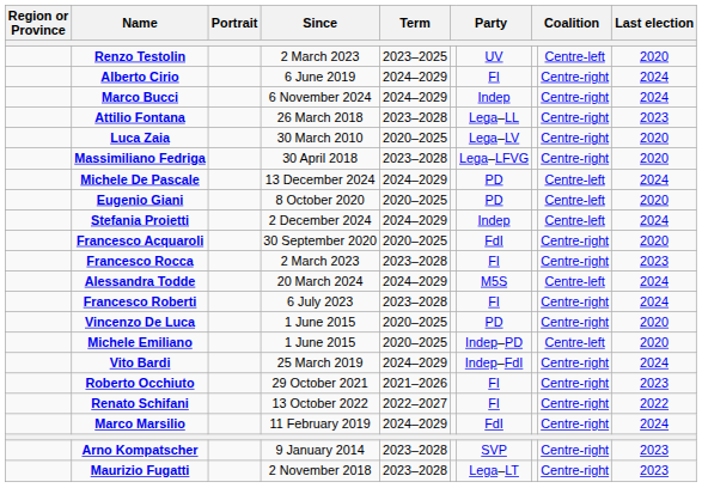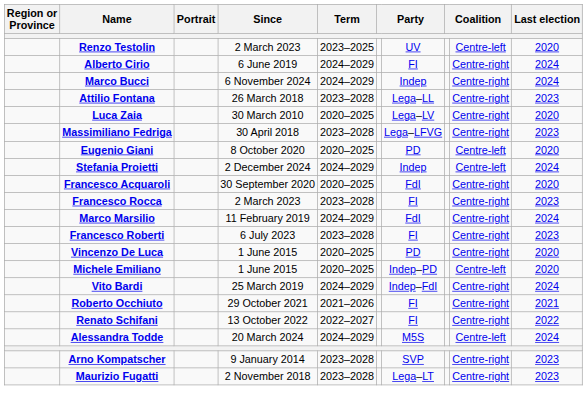 <table class="wikitable sortable" style="text-align: center; font-size:95%">
 <tr>
 <th>Region or<br>Province</th>
 <th>Name</th>
 <th class=unsortable>Portrait</th>
 <th>Since</th>
 <th>Term</th>
 <th colspan="2">Party</th>
 <th colspan="2">Coalition</th>
 <th>Last election</th>
 </tr>
 <tr>
 <th colspan=10></th>
 </tr>
 <tr>
 <td></td>
 <td style="text-align: center;"><strong><a href='#'>Renzo Testolin</a></strong><br></td>
 <td style="text-align: center;"></td>
 <td>2 March 2023</td>
 <td>2023–2025</td>
 <td style="color:inherit;background-color: "></td>
 <td><a href='#'>UV</a></td>
 <td style="color:inherit;background-color: "></td>
 <td><a href='#'>Centre-left</a></td>
 <td><a href='#'>2020</a></td>
 </tr>
 <tr>
 <td></td>
 <td style="text-align: center;"><strong><a href='#'>Alberto Cirio</a></strong><br></td>
 <td style="text-align: center;"></td>
 <td>6 June 2019</td>
 <td>2024–2029</td>
 <td style="color:inherit;background-color: "></td>
 <td><a href='#'>FI</a></td>
 <td style="color:inherit;background-color: "></td>
 <td><a href='#'>Centre-right</a></td>
 <td><a href='#'>2024</a></td>
 </tr>
 <tr>
 <td></td>
 <td style="text-align: center;"><strong><a href='#'>Marco Bucci</a></strong><br></td>
 <td style="text-align: center;"></td>
 <td>6 November 2024</td>
 <td>2024–2029</td>
 <td style="color:inherit;background-color: "></td>
 <td><a href='#'>Indep</a></td>
 <td style="color:inherit;background-color: "></td>
 <td><a href='#'>Centre-right</a></td>
 <td><a href='#'>2024</a></td>
 </tr>
 <tr>
 <td></td>
 <td style="text-align: center;"><strong><a href='#'>Attilio Fontana</a></strong><br></td>
 <td style="text-align: center;"></td>
 <td>26 March 2018</td>
 <td>2023–2028</td>
 <td style="color:inherit;background-color: "></td>
 <td><a href='#'>Lega</a>–<a href='#'>LL</a></td>
 <td style="color:inherit;background-color: "></td>
 <td><a href='#'>Centre-right</a></td>
 <td><a href='#'>2023</a></td>
 </tr>
 <tr>
 <td></td>
 <td style="text-align: center;"><strong><a href='#'>Luca Zaia</a></strong><br></td>
 <td style="text-align: center;"></td>
 <td>30 March 2010</td>
 <td>2020–2025</td>
 <td style="color:inherit;background-color: "></td>
 <td><a href='#'>Lega</a>–<a href='#'>LV</a></td>
 <td style="color:inherit;background-color: "></td>
 <td><a href='#'>Centre-right</a></td>
 <td><a href='#'>2020</a></td>
 </tr>
 <tr>
 <td></td>
 <td style="text-align: center;"><strong><a href='#'>Massimiliano Fedriga</a></strong><br></td>
 <td style="text-align: center;"></td>
 <td>30 April 2018</td>
 <td>2023–2028</td>
 <td style="color:inherit;background-color: "></td>
 <td><a href='#'>Lega</a>–<a href='#'>LFVG</a></td>
 <td style="color:inherit;background-color: "></td>
 <td><a href='#'>Centre-right</a></td>
-<td><a href='#'>2020</a></td>
-</tr>
-<tr>
-<td></td>
-<td style="text-align: center;"><strong><a href='#'>Michele De Pascale</a></strong><br></td>
-<td style="text-align: center;"></td>
-<td>13 December 2024</td>
-<td>2024–2029</td>
-<td style="color:inherit;background-color: "></td>
-<td><a href='#'>PD</a></td>
-<td style="color:inherit;background-color: "></td>
-<td><a href='#'>Centre-left</a></td>
-<td><a href='#'>2024</a></td>
+<td><a href='#'>2023</a></td>
 </tr>
 <tr>
 <td></td>
 <td style="text-align: center;"><strong><a href='#'>Eugenio Giani</a></strong><br></td>
 <td style="text-align: center;"></td>
 <td>8 October 2020</td>
 <td>2020–2025</td>
 <td style="color:inherit;background-color: "></td>
 <td><a href='#'>PD</a></td>
 <td style="color:inherit;background-color: "></td>
 <td><a href='#'>Centre-left</a></td>
 <td><a href='#'>2020</a></td>
 </tr>
 <tr>
 <td></td>
 <td style="text-align: center;"><strong><a href='#'>Stefania Proietti</a></strong><br></td>
 <td style="text-align: center;"></td>
 <td>2 December 2024</td>
 <td>2024–2029</td>
 <td style="color:inherit;background-color: "></td>
 <td><a href='#'>Indep</a></td>
 <td style="color:inherit;background-color: "></td>
 <td><a href='#'>Centre-left</a></td>
 <td><a href='#'>2024</a></td>
 </tr>
 <tr>
 <td></td>
 <td style="text-align: center;"><strong><a href='#'>Francesco Acquaroli</a></strong><br></td>
 <td style="text-align: center;"></td>
 <td>30 September 2020</td>
 <td>2020–2025</td>
 <td style="color:inherit;background-color: "></td>
 <td><a href='#'>FdI</a></td>
 <td style="color:inherit;background-color: "></td>
 <td><a href='#'>Centre-right</a></td>
 <td><a href='#'>2020</a></td>
 </tr>
 <tr>
 <td></td>
 <td style="text-align: center;"><strong><a href='#'>Francesco Rocca</a></strong><br></td>
 <td style="text-align: center;"></td>
 <td>2 March 2023</td>
 <td>2023–2028</td>
 <td style="color:inherit;background-color: "></td>
 <td><a href='#'>FI</a></td>
 <td style="color:inherit;background-color: "></td>
 <td><a href='#'>Centre-right</a></td>
 <td><a href='#'>2023</a></td>
 </tr>
 <tr>
 <td></td>
-<td style="text-align: center;"><strong><a href='#'>Alessandra Todde</a></strong><br></td>
+<td style="text-align: center;"><strong><a href='#'>Marco Marsilio</a></strong><br></td>
 <td style="text-align: center;"></td>
-<td>20 March 2024</td>
+<td>11 February 2019</td>
 <td>2024–2029</td>
 <td style="color:inherit;background-color: "></td>
-<td><a href='#'>M5S</a></td>
+<td><a href='#'>FdI</a></td>
 <td style="color:inherit;background-color: "></td>
-<td><a href='#'>Centre-left</a></td>
+<td><a href='#'>Centre-right</a></td>
 <td><a href='#'>2024</a></td>
 </tr>
 <tr>
 <td></td>
 <td style="text-align: center;"><strong><a href='#'>Francesco Roberti</a></strong><br></td>
 <td style="text-align: center;"></td>
 <td>6 July 2023</td>
 <td>2023–2028</td>
 <td style="color:inherit;background-color: "></td>
 <td><a href='#'>FI</a></td>
 <td style="color:inherit;background-color: "></td>
 <td><a href='#'>Centre-right</a></td>
-<td><a href='#'>2024</a></td>
+<td><a href='#'>2023</a></td>
 </tr>
 <tr>
 <td></td>
 <td style="text-align: center;"><strong><a href='#'>Vincenzo De Luca</a></strong><br></td>
 <td style="text-align: center;"></td>
 <td>1 June 2015</td>
 <td>2020–2025</td>
 <td style="color:inherit;background-color: "></td>
 <td><a href='#'>PD</a></td>
 <td style="color:inherit;background-color: "></td>
 <td><a href='#'>Centre-right</a></td>
 <td><a href='#'>2020</a></td>
 </tr>
 <tr>
 <td></td>
 <td style="text-align: center;"><strong><a href='#'>Michele Emiliano</a></strong><br></td>
 <td style="text-align: center;"></td>
 <td>1 June 2015</td>
 <td>2020–2025</td>
 <td style="color:inherit;background-color: "></td>
 <td><a href='#'>Indep</a>–<a href='#'>PD</a></td>
 <td style="color:inherit;background-color: "></td>
 <td><a href='#'>Centre-left</a></td>
 <td><a href='#'>2020</a></td>
 </tr>
 <tr>
 <td></td>
 <td style="text-align: center;"><strong><a href='#'>Vito Bardi</a></strong><br></td>
 <td style="text-align: center;"></td>
 <td>25 March 2019</td>
 <td>2024–2029</td>
 <td style="color:inherit;background-color: "></td>
 <td><a href='#'>Indep</a>–<a href='#'>FdI</a></td>
 <td style="color:inherit;background-color: "></td>
 <td><a href='#'>Centre-right</a></td>
 <td><a href='#'>2024</a></td>
 </tr>
 <tr>
 <td></td>
 <td style="text-align: center;"><strong><a href='#'>Roberto Occhiuto</a></strong><br></td>
 <td style="text-align: center;"></td>
 <td>29 October 2021</td>
 <td>2021–2026</td>
 <td style="color:inherit;background-color: "></td>
 <td><a href='#'>FI</a></td>
 <td style="color:inherit;background-color: "></td>
 <td><a href='#'>Centre-right</a></td>
-<td><a href='#'>2023</a></td>
+<td><a href='#'>2021</a></td>
 </tr>
 <tr>
 <td></td>
 <td style="text-align: center;"><strong><a href='#'>Renato Schifani</a></strong><br></td>
 <td style="text-align: center;"></td>
 <td>13 October 2022</td>
 <td>2022–2027</td>
 <td style="color:inherit;background-color: "></td>
 <td><a href='#'>FI</a></td>
 <td style="color:inherit;background-color: "></td>
 <td><a href='#'>Centre-right</a></td>
 <td><a href='#'>2022</a></td>
 </tr>
 <tr>
 <td></td>
-<td style="text-align: center;"><strong><a href='#'>Marco Marsilio</a></strong><br></td>
+<td style="text-align: center;"><strong><a href='#'>Alessandra Todde</a></strong><br></td>
 <td style="text-align: center;"></td>
-<td>11 February 2019</td>
+<td>20 March 2024</td>
 <td>2024–2029</td>
 <td style="color:inherit;background-color: "></td>
-<td><a href='#'>FdI</a></td>
+<td><a href='#'>M5S</a></td>
 <td style="color:inherit;background-color: "></td>
-<td><a href='#'>Centre-right</a></td>
+<td><a href='#'>Centre-left</a></td>
 <td><a href='#'>2024</a></td>
 </tr>
 <tr>
 <th colspan=10></th>
 </tr>
 <tr>
 <td></td>
 <td style="text-align: center;"><strong><a href='#'>Arno Kompatscher</a></strong><br></td>
 <td style="text-align: center;"></td>
 <td>9 January 2014</td>
 <td>2023–2028</td>
 <td style="background-color: "></td>
 <td><a href='#'>SVP</a></td>
 <td style="background-color: "></td>
 <td><a href='#'>Centre-right</a></td>
 <td><a href='#'>2023</a></td>
 </tr>
 <tr>
 <td></td>
 <td style="text-align: center;"><strong><a href='#'>Maurizio Fugatti</a></strong><br></td>
 <td style="text-align: center;"></td>
 <td>2 November 2018</td>
 <td>2023–2028</td>
 <td style="background-color: "></td>
 <td><a href='#'>Lega</a>–<a href='#'>LT</a></td>
 <td style="background-color: "></td>
 <td><a href='#'>Centre-right</a></td>
 <td><a href='#'>2023</a></td>
 </tr>
 </table>
